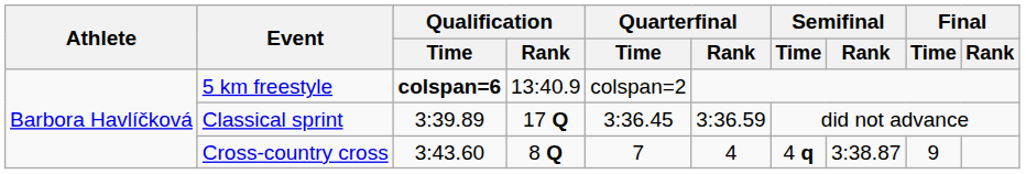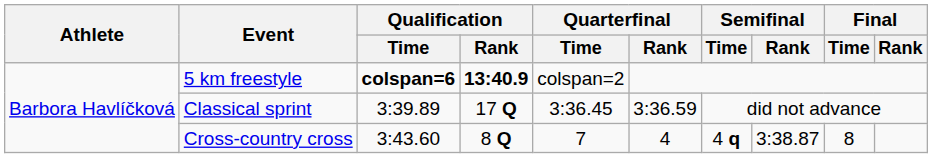 <table class="wikitable" style="font-size:90%">
 <tr>
 <th rowspan=2>Athlete</th>
 <th rowspan=2>Event</th>
 <th colspan=2>Qualification</th>
 <th colspan=2>Quarterfinal</th>
 <th colspan=2>Semifinal</th>
 <th colspan=2>Final</th>
 </tr>
 <tr style="font-size:95%">
 <th>Time</th>
 <th>Rank</th>
 <th>Time</th>
 <th>Rank</th>
 <th>Time</th>
 <th>Rank</th>
 <th>Time</th>
 <th>Rank</th>
 </tr>
 <tr align=center>
 <td align=left rowspan=3><a href='#'>Barbora Havlíčková</a></td>
 <td align=left><a href='#'>5 km freestyle</a></td>
 <td><strong>colspan=6 </strong></td>
-<td>13:40.9</td>
+<td><strong>13:40.9</strong></td>
 <td>colspan=2 </td>
 </tr>
 <tr align=center>
 <td align=left><a href='#'>Classical sprint</a></td>
 <td>3:39.89</td>
 <td>17 <strong>Q</strong></td>
 <td>3:36.45</td>
 <td>3:36.59</td>
 <td colspan=4>did not advance</td>
 </tr>
 <tr align=center>
 <td align=left><a href='#'>Cross-country cross</a></td>
 <td>3:43.60</td>
 <td>8 <strong>Q</strong></td>
 <td>7</td>
 <td>4</td>
 <td>4 <strong>q</strong></td>
 <td>3:38.87</td>
-<td>9</td>
+<td>8</td>
 </tr>
 </table>
